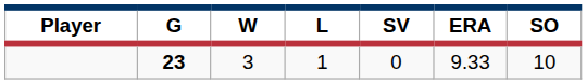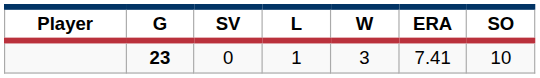 <table class="wikitable sortable">
 <tr>
 <th style="background:#FFFFFF; border-top:#023465 5px solid; border-bottom:#ba313c 5px solid;" width="16%">Player</th>
 <th style="background:#FFFFFF; border-top:#023465 5px solid; border-bottom:#ba313c 5px solid;" width="9%">G</th>
+<th style="background:#FFFFFF; border-top:#023465 5px solid; border-bottom:#ba313c 5px solid;" width="9%">SV</th>
+<th style="background:#FFFFFF; border-top:#023465 5px solid; border-bottom:#ba313c 5px solid;" width="9%">L</th>
 <th style="background:#FFFFFF; border-top:#023465 5px solid; border-bottom:#ba313c 5px solid;" width="9%">W</th>
-<th style="background:#FFFFFF; border-top:#023465 5px solid; border-bottom:#ba313c 5px solid;" width="9%">L</th>
-<th style="background:#FFFFFF; border-top:#023465 5px solid; border-bottom:#ba313c 5px solid;" width="9%">SV</th>
 <th style="background:#FFFFFF; border-top:#023465 5px solid; border-bottom:#ba313c 5px solid;" width="9%">ERA</th>
 <th style="background:#FFFFFF; border-top:#023465 5px solid; border-bottom:#ba313c 5px solid;" width="9%">SO</th>
 </tr>
 <tr align="center">
 <td></td>
 <td><strong>23</strong></td>
+<td>0</td>
+<td>1</td>
 <td>3</td>
-<td>1</td>
-<td>0</td>
-<td>9.33</td>
+<td>7.41</td>
 <td>10</td>
 </tr>
 </table>
